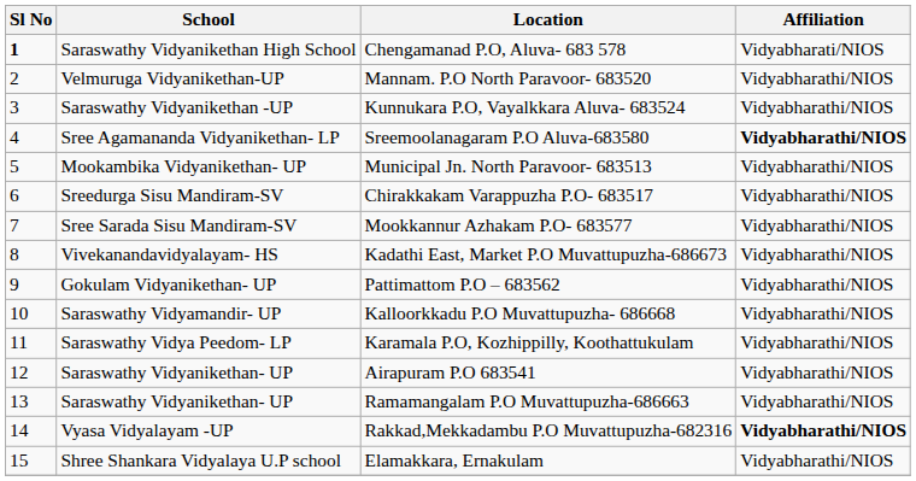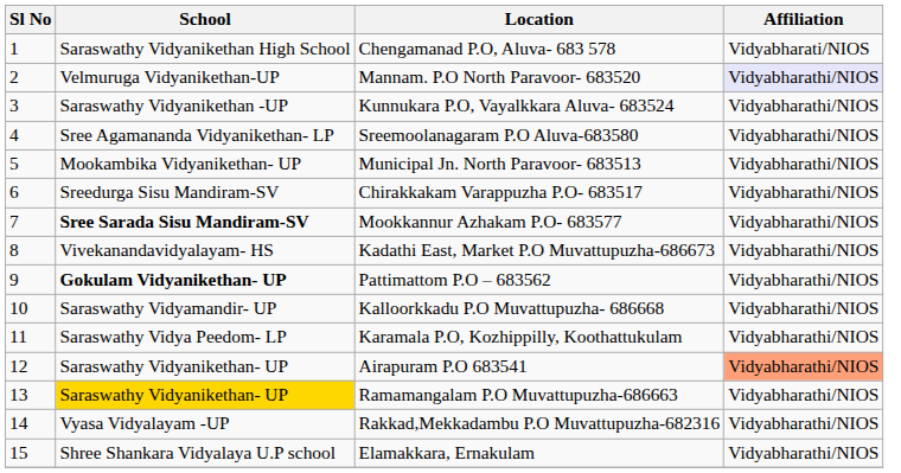 <table class="sortable wikitable">
 <tr>
 <th>Sl No</th>
 <th>School</th>
 <th>Location</th>
 <th>Affiliation</th>
 </tr>
 <tr>
-<td><strong>1</strong></td>
+<td>1</td>
 <td>Saraswathy Vidyanikethan High School</td>
 <td>Chengamanad P.O, Aluva- 683 578</td>
 <td>Vidyabharati/NIOS</td>
 </tr>
 <tr>
 <td>2</td>
 <td>Velmuruga Vidyanikethan-UP</td>
 <td>Mannam. P.O North Paravoor- 683520</td>
-<td>Vidyabharathi/NIOS</td>
+<td style="background: lavender;">Vidyabharathi/NIOS</td>
 </tr>
 <tr>
 <td>3</td>
 <td>Saraswathy Vidyanikethan -UP</td>
 <td>Kunnukara P.O, Vayalkkara Aluva- 683524</td>
 <td>Vidyabharathi/NIOS</td>
 </tr>
 <tr>
 <td>4</td>
 <td>Sree Agamananda Vidyanikethan- LP</td>
 <td>Sreemoolanagaram P.O Aluva-683580</td>
-<td><strong>Vidyabharathi/NIOS</strong></td>
+<td>Vidyabharathi/NIOS</td>
 </tr>
 <tr>
 <td>5</td>
 <td>Mookambika Vidyanikethan- UP</td>
 <td>Municipal Jn. North Paravoor- 683513</td>
 <td>Vidyabharathi/NIOS</td>
 </tr>
 <tr>
 <td>6</td>
 <td>Sreedurga Sisu Mandiram-SV</td>
 <td>Chirakkakam Varappuzha P.O- 683517</td>
 <td>Vidyabharathi/NIOS</td>
 </tr>
 <tr>
 <td>7</td>
-<td>Sree Sarada Sisu Mandiram-SV</td>
+<td><strong>Sree Sarada Sisu Mandiram-SV</strong></td>
 <td>Mookkannur Azhakam P.O- 683577</td>
 <td>Vidyabharathi/NIOS</td>
 </tr>
 <tr>
 <td>8</td>
 <td>Vivekanandavidyalayam- HS</td>
 <td>Kadathi East, Market P.O Muvattupuzha-686673</td>
 <td>Vidyabharathi/NIOS</td>
 </tr>
 <tr>
 <td>9</td>
-<td>Gokulam Vidyanikethan- UP</td>
+<td><strong>Gokulam Vidyanikethan- UP</strong></td>
 <td>Pattimattom P.O – 683562</td>
 <td>Vidyabharathi/NIOS</td>
 </tr>
 <tr>
 <td>10</td>
 <td>Saraswathy Vidyamandir- UP</td>
 <td>Kalloorkkadu P.O Muvattupuzha- 686668</td>
 <td>Vidyabharathi/NIOS</td>
 </tr>
 <tr>
 <td>11</td>
 <td>Saraswathy Vidya Peedom- LP</td>
 <td>Karamala P.O, Kozhippilly, Koothattukulam</td>
 <td>Vidyabharathi/NIOS</td>
 </tr>
 <tr>
 <td>12</td>
 <td>Saraswathy Vidyanikethan- UP</td>
 <td>Airapuram P.O 683541</td>
-<td>Vidyabharathi/NIOS</td>
+<td style="background: lightsalmon;">Vidyabharathi/NIOS</td>
 </tr>
 <tr>
 <td>13</td>
-<td>Saraswathy Vidyanikethan- UP</td>
+<td style="background: gold;">Saraswathy Vidyanikethan- UP</td>
 <td>Ramamangalam P.O Muvattupuzha-686663</td>
 <td>Vidyabharathi/NIOS</td>
 </tr>
 <tr>
 <td>14</td>
 <td>Vyasa Vidyalayam -UP</td>
 <td>Rakkad,Mekkadambu P.O Muvattupuzha-682316</td>
-<td><strong>Vidyabharathi/NIOS</strong></td>
+<td>Vidyabharathi/NIOS</td>
 </tr>
 <tr>
 <td>15</td>
 <td>Shree Shankara Vidyalaya U.P school</td>
 <td>Elamakkara, Ernakulam</td>
 <td>Vidyabharathi/NIOS</td>
 </tr>
 <tr>
 </tr>
 </table>
